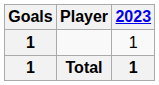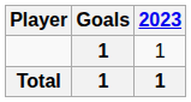 <table class="wikitable sortable" style="text-align:center;">
 <tr>
+<th>Player</th>
 <th>Goals</th>
-<th>Player</th>
 <th><a href='#'>2023</a></th>
 </tr>
 <tr>
+<td align="left"></td>
 <th>1</th>
-<td align="left"></td>
 <td>1</td>
 </tr>
 <tr class="sortbottom">
+<th>Total</th>
 <th>1</th>
-<th>Total</th>
 <th>1</th>
 </tr>
 </table>
